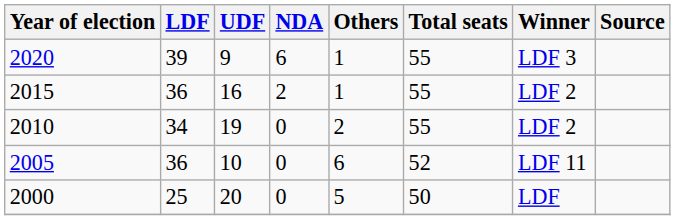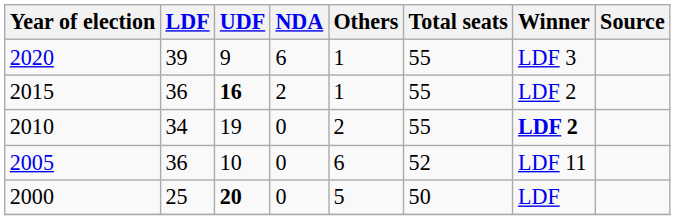 <table class="sortable wikitable">
 <tr>
 <th>Year of election</th>
 <th><a href='#'>LDF</a></th>
 <th><a href='#'>UDF</a></th>
 <th><a href='#'>NDA</a></th>
 <th>Others</th>
 <th>Total seats</th>
 <th>Winner</th>
 <th>Source</th>
 </tr>
 <tr>
 <td><a href='#'>2020</a></td>
 <td>39</td>
 <td>9</td>
 <td>6</td>
 <td>1</td>
 <td>55</td>
 <td><a href='#'>LDF</a>  3</td>
 <td></td>
 </tr>
 <tr>
 <td>2015</td>
 <td>36</td>
-<td>16</td>
+<td><strong>16</strong></td>
 <td>2</td>
 <td>1</td>
 <td>55</td>
 <td><a href='#'>LDF</a>  2</td>
 <td></td>
 </tr>
 <tr>
 <td>2010</td>
 <td>34</td>
 <td>19</td>
 <td>0</td>
 <td>2</td>
 <td>55</td>
-<td><a href='#'>LDF</a>  2</td>
+<td><strong><a href='#'>LDF</a>  2</strong></td>
 <td></td>
 </tr>
 <tr>
 <td><a href='#'>2005</a></td>
 <td>36</td>
 <td>10</td>
 <td>0</td>
 <td>6</td>
 <td>52</td>
 <td><a href='#'>LDF</a>  11</td>
 <td></td>
 </tr>
 <tr>
 <td>2000</td>
 <td>25</td>
-<td>20</td>
+<td><strong>20</strong></td>
 <td>0</td>
 <td>5</td>
 <td>50</td>
 <td><a href='#'>LDF</a></td>
 <td></td>
 </tr>
 <tr>
 </tr>
 </table>
